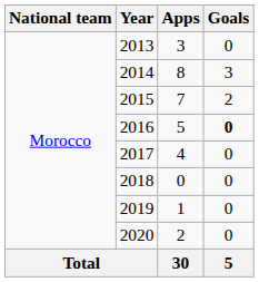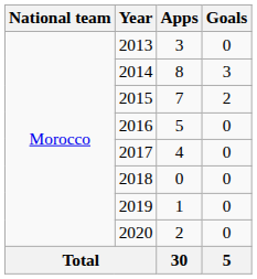 <table class="wikitable" style="text-align:center">
 <tr>
 <th>National team</th>
 <th>Year</th>
 <th>Apps</th>
 <th>Goals</th>
 </tr>
 <tr>
 <td rowspan="8"><a href='#'>Morocco</a></td>
 <td>2013</td>
 <td>3</td>
 <td>0</td>
 </tr>
 <tr>
 <td>2014</td>
 <td>8</td>
 <td>3</td>
 </tr>
 <tr>
 <td>2015</td>
 <td>7</td>
 <td>2</td>
 </tr>
 <tr>
 <td>2016</td>
 <td>5</td>
-<td><strong>0</strong></td>
+<td>0</td>
 </tr>
 <tr>
 <td>2017</td>
 <td>4</td>
 <td>0</td>
 </tr>
 <tr>
 <td>2018</td>
 <td>0</td>
 <td>0</td>
 </tr>
 <tr>
 <td>2019</td>
 <td>1</td>
 <td>0</td>
 </tr>
 <tr>
 <td>2020</td>
 <td>2</td>
 <td>0</td>
 </tr>
 <tr>
 <th colspan="2">Total</th>
 <th>30</th>
 <th>5</th>
 </tr>
 </table>
